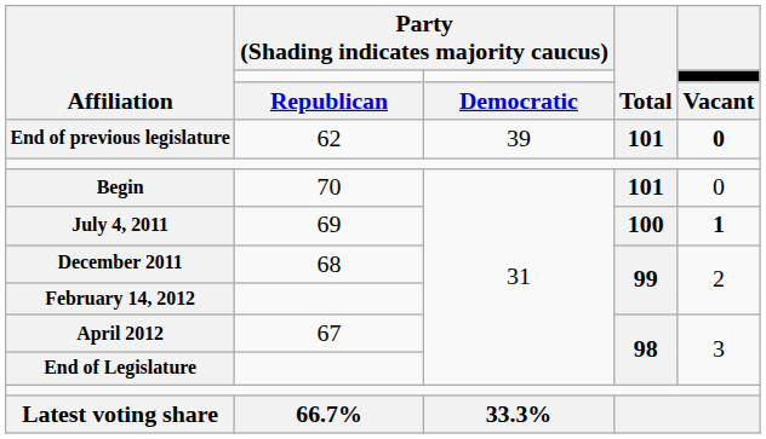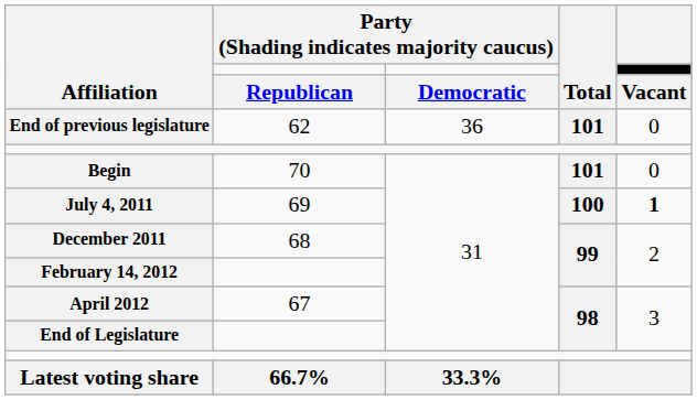 <table class=wikitable style="text-align:center">
 <tr style="vertical-align:bottom;">
 <th rowspan=3>Affiliation</th>
 <th colspan=2>Party <div>(Shading indicates majority caucus)</div></th>
 <th rowspan=3>Total</th>
 <th></th>
 </tr>
 <tr style="height:5px">
 <td style="background-color:"></td>
 <td style="background-color:"></td>
 <td style="background: black"></td>
 </tr>
 <tr>
 <th><a href='#'>Republican</a></th>
 <th><a href='#'>Democratic</a></th>
 <th>Vacant</th>
 </tr>
 <tr>
 <th nowrap style="font-size:80%">End of previous legislature</th>
 <td>62</td>
-<td>39</td>
+<td>36</td>
 <th>101</th>
-<td><strong>0</strong></td>
+<td>0</td>
 </tr>
 <tr>
 <td colspan=5></td>
 </tr>
 <tr>
 <th nowrap style="font-size:80%">Begin</th>
 <td>70</td>
 <td rowspan=6>31</td>
 <th>101</th>
 <td>0</td>
 </tr>
 <tr>
 <th nowrap style="font-size:80%">July 4, 2011</th>
 <td>69</td>
 <th>100</th>
 <td><strong>1</strong></td>
 </tr>
 <tr>
 <th nowrap style="font-size:80%">December 2011</th>
 <td>68</td>
 <th rowspan=2>99</th>
 <td rowspan=2>2</td>
 </tr>
 <tr>
 <th nowrap style="font-size:80%">February 14, 2012</th>
 </tr>
 <tr>
 <th nowrap style="font-size:80%">April 2012</th>
 <td>67</td>
 <th rowspan=2>98</th>
 <td rowspan=2>3</td>
 </tr>
 <tr>
 <th nowrap style="font-size:80%">End of Legislature</th>
 </tr>
 <tr>
 <td colspan=5></td>
 </tr>
 <tr>
 <th>Latest voting share</th>
 <th>66.7% </th>
 <th>33.3%</th>
 <th colspan=2></th>
 </tr>
 </table>
